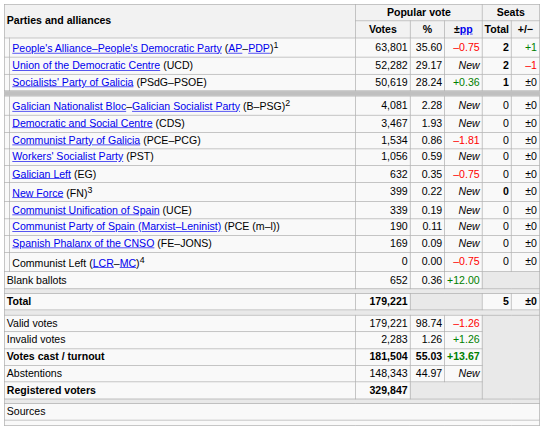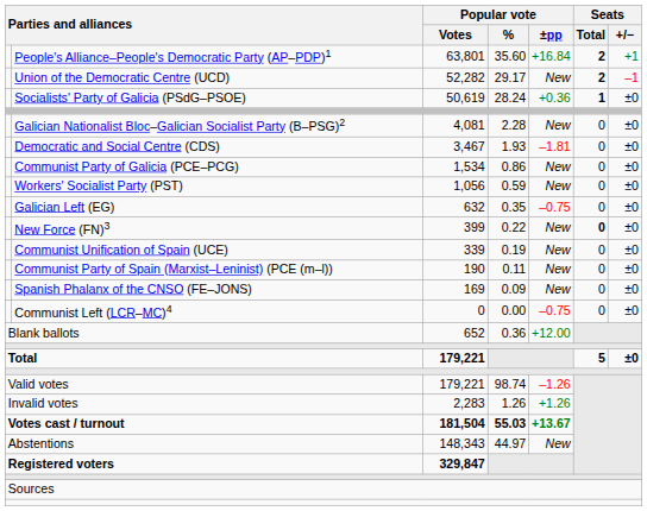 <table class="wikitable" style="text-align:right;">
 <tr>
 <th style="text-align:left;" rowspan="2" colspan="2" width="525">Parties and alliances</th>
 <th colspan="3">Popular vote</th>
 <th colspan="2">Seats</th>
 </tr>
 <tr>
 <th width="75">Votes</th>
 <th width="45">%</th>
 <th width="45">±<a href='#'>pp</a></th>
 <th width="35">Total</th>
 <th width="35">+/−</th>
 </tr>
 <tr>
 <td width="1" style="color:inherit;background:"></td>
 <td align="left"><a href='#'>People's Alliance–People's Democratic Party</a> (<a href='#'>AP</a>–<a href='#'>PDP</a>)<sup>1</sup></td>
 <td>63,801</td>
 <td>35.60</td>
-<td style="color:red;">–0.75</td>
+<td style="color:green;">+16.84</td>
 <td><strong>2</strong></td>
 <td style="color:green;">+1</td>
 </tr>
 <tr>
 <td style="color:inherit;background:"></td>
 <td align="left"><a href='#'>Union of the Democratic Centre</a> (UCD)</td>
 <td>52,282</td>
 <td>29.17</td>
 <td><em>New</em></td>
 <td><strong>2</strong></td>
 <td style="color:red;">–1</td>
 </tr>
 <tr>
 <td style="color:inherit;background:"></td>
 <td align="left"><a href='#'>Socialists' Party of Galicia</a> (PSdG–PSOE)</td>
 <td>50,619</td>
 <td>28.24</td>
 <td style="color:green;">+0.36</td>
 <td><strong>1</strong></td>
 <td>±0</td>
 </tr>
 <tr>
 <td colspan="7" bgcolor="#C0C0C0"></td>
 </tr>
 <tr>
 <td style="color:inherit;background:"></td>
 <td align="left"><a href='#'>Galician Nationalist Bloc</a>–<a href='#'>Galician Socialist Party</a> (B–PSG)<sup>2</sup></td>
 <td>4,081</td>
 <td>2.28</td>
 <td><em>New</em></td>
 <td>0</td>
 <td>±0</td>
 </tr>
 <tr>
 <td style="color:inherit;background:"></td>
 <td align="left"><a href='#'>Democratic and Social Centre</a> (CDS)</td>
 <td>3,467</td>
 <td>1.93</td>
-<td><em>New</em></td>
+<td style="color:red;">–1.81</td>
 <td>0</td>
 <td>±0</td>
 </tr>
 <tr>
 <td style="color:inherit;background:"></td>
 <td align="left"><a href='#'>Communist Party of Galicia</a> (PCE–PCG)</td>
 <td>1,534</td>
 <td>0.86</td>
-<td style="color:red;">–1.81</td>
+<td><em>New</em></td>
 <td>0</td>
 <td>±0</td>
 </tr>
 <tr>
 <td style="color:inherit;background:"></td>
 <td align="left"><a href='#'>Workers' Socialist Party</a> (PST)</td>
 <td>1,056</td>
 <td>0.59</td>
 <td><em>New</em></td>
 <td>0</td>
 <td>±0</td>
 </tr>
 <tr>
 <td style="color:inherit;background:"></td>
 <td align="left"><a href='#'>Galician Left</a> (EG)</td>
 <td>632</td>
 <td>0.35</td>
 <td style="color:red;">–0.75</td>
 <td>0</td>
 <td>±0</td>
 </tr>
 <tr>
 <td style="color:inherit;background:"></td>
 <td align="left"><a href='#'>New Force</a> (FN)<sup>3</sup></td>
 <td>399</td>
 <td>0.22</td>
 <td><em>New</em></td>
 <td><strong>0</strong></td>
 <td>±0</td>
 </tr>
 <tr>
 <td style="color:inherit;background:"></td>
 <td align="left"><a href='#'>Communist Unification of Spain</a> (UCE)</td>
 <td>339</td>
 <td>0.19</td>
 <td><em>New</em></td>
 <td>0</td>
 <td>±0</td>
 </tr>
 <tr>
 <td style="color:inherit;background:"></td>
 <td align="left"><a href='#'>Communist Party of Spain (Marxist–Leninist)</a> (PCE (m–l))</td>
 <td>190</td>
 <td>0.11</td>
 <td><em>New</em></td>
 <td>0</td>
 <td>±0</td>
 </tr>
 <tr>
 <td style="color:inherit;background:"></td>
 <td align="left"><a href='#'>Spanish Phalanx of the CNSO</a> (FE–JONS)</td>
 <td>169</td>
 <td>0.09</td>
 <td><em>New</em></td>
 <td>0</td>
 <td>±0</td>
 </tr>
 <tr>
 <td style="color:inherit;background:"></td>
 <td align="left">Communist Left (<a href='#'>LCR</a>–<a href='#'>MC</a>)<sup>4</sup></td>
 <td>0</td>
 <td>0.00</td>
 <td style="color:red;">–0.75</td>
 <td>0</td>
 <td>±0</td>
 </tr>
 <tr>
 <td align="left" colspan="2">Blank ballots</td>
 <td>652</td>
 <td>0.36</td>
 <td style="color:green;">+12.00</td>
 <td bgcolor="#E9E9E9" colspan="2"></td>
 </tr>
 <tr>
 <td colspan="7" bgcolor="#E9E9E9"></td>
 </tr>
 <tr style="font-weight:bold;">
 <td align="left" colspan="2">Total</td>
 <td>179,221</td>
 <td bgcolor="#E9E9E9" colspan="2"></td>
 <td>5</td>
 <td>±0</td>
 </tr>
 <tr>
 <td colspan="7" bgcolor="#E9E9E9"></td>
 </tr>
 <tr>
 <td align="left" colspan="2">Valid votes</td>
 <td>179,221</td>
 <td>98.74</td>
 <td style="color:red;">–1.26</td>
 <td bgcolor="#E9E9E9" colspan="2" rowspan="5"></td>
 </tr>
 <tr>
 <td align="left" colspan="2">Invalid votes</td>
 <td>2,283</td>
 <td>1.26</td>
 <td style="color:green;">+1.26</td>
 </tr>
 <tr style="font-weight:bold;">
 <td align="left" colspan="2">Votes cast / turnout</td>
 <td>181,504</td>
 <td>55.03</td>
 <td style="color:green;">+13.67</td>
 </tr>
 <tr>
 <td align="left" colspan="2">Abstentions</td>
 <td>148,343</td>
 <td>44.97</td>
 <td><em>New</em></td>
 </tr>
 <tr style="font-weight:bold;">
 <td align="left" colspan="2">Registered voters</td>
 <td>329,847</td>
 <td bgcolor="#E9E9E9" colspan="2"></td>
 </tr>
 <tr>
 <td colspan="7" bgcolor="#E9E9E9"></td>
 </tr>
 <tr>
 <td align="left" colspan="7">Sources</td>
 </tr>
 <tr>
 <td colspan="7" style="text-align:left; max-width:790px;"></td>
 </tr>
 </table>
